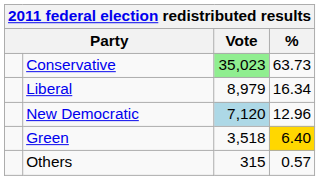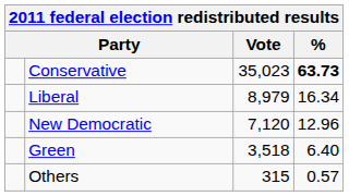 <table class="wikitable">
 <tr>
 <th colspan="4"><a href='#'>2011 federal election</a> redistributed results</th>
 </tr>
 <tr>
 <th bgcolor="#DDDDFF" width="130px" colspan="2">Party</th>
 <th bgcolor="#DDDDFF" width="50px">Vote</th>
 <th bgcolor="#DDDDFF" width="30px">%</th>
 </tr>
 <tr>
 <td> </td>
 <td><a href='#'>Conservative</a></td>
-<td align=right style="background: lightgreen;">35,023</td>
-<td align=right>63.73</td>
+<td align=right>35,023</td>
+<td align=right><strong>63.73</strong></td>
 </tr>
 <tr>
 <td> </td>
 <td><a href='#'>Liberal</a></td>
 <td align=right>8,979</td>
 <td align=right>16.34</td>
 </tr>
 <tr>
 <td> </td>
 <td><a href='#'>New Democratic</a></td>
-<td align=right style="background: lightblue;">7,120</td>
+<td align=right>7,120</td>
 <td align=right>12.96</td>
 </tr>
 <tr>
 <td> </td>
 <td><a href='#'>Green</a></td>
 <td align=right>3,518</td>
-<td align=right style="background: gold;">6.40</td>
+<td align=right>6.40</td>
 </tr>
 <tr>
 <td> </td>
 <td>Others</td>
 <td align=right>315</td>
 <td align=right>0.57</td>
 </tr>
 </table>
